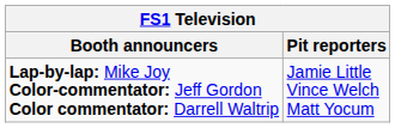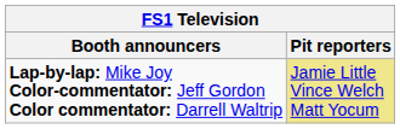 <table class="wikitable" style="font-size: 95%">
 <tr>
 <th colspan="2"><a href='#'>FS1</a> Television</th>
 </tr>
 <tr>
 <th>Booth announcers</th>
 <th>Pit reporters</th>
 </tr>
 <tr>
 <td><strong>Lap-by-lap:</strong> <a href='#'>Mike Joy</a> <br><strong>Color-commentator:</strong> <a href='#'>Jeff Gordon</a> <br><strong>Color commentator:</strong> <a href='#'>Darrell Waltrip</a></td>
-<td><a href='#'>Jamie Little</a><br><a href='#'>Vince Welch</a><br><a href='#'>Matt Yocum</a></td>
+<td style="background: khaki;"><a href='#'>Jamie Little</a><br><a href='#'>Vince Welch</a><br><a href='#'>Matt Yocum</a></td>
 </tr>
 </table>
